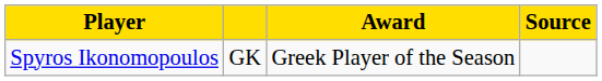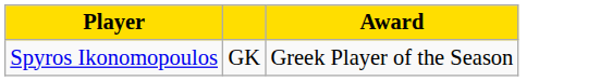 <table class="wikitable">
 <tr>
 <th style="background:#FFDE00">Player</th>
 <th style="background:#FFDE00"></th>
 <th style="background:#FFDE00">Award</th>
-<th style="background:#FFDE00">Source</th>
 </tr>
 <tr>
 <td> <a href='#'>Spyros Ikonomopoulos</a></td>
 <td align="center">GK</td>
 <td align="center">Greek Player of the Season</td>
-<td align="center"></td>
 </tr>
 </table>
